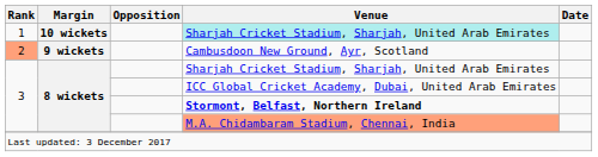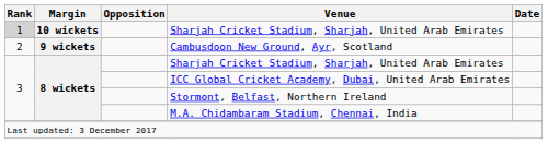 <table class="wikitable plainrowheaders sortable">
 <tr>
 <th scope=col>Rank</th>
 <th scope=col>Margin</th>
 <th scope=col>Opposition</th>
 <th scope=col>Venue</th>
 <th scope=col>Date</th>
 </tr>
 <tr>
-<td align=center>1</td>
+<td align=center style="background: lightgrey;">1</td>
 <th scope=row style=text-align:center>10 wickets</th>
 <td></td>
-<td style="background: paleturquoise;"><a href='#'>Sharjah Cricket Stadium</a>, <a href='#'>Sharjah</a>, United Arab Emirates</td>
+<td><a href='#'>Sharjah Cricket Stadium</a>, <a href='#'>Sharjah</a>, United Arab Emirates</td>
 <td></td>
 </tr>
 <tr>
-<td align=center style="background: lightsalmon;">2</td>
+<td align=center>2</td>
 <th scope=row style=text-align:center>9 wickets</th>
 <td></td>
 <td><a href='#'>Cambusdoon New Ground</a>, <a href='#'>Ayr</a>, Scotland</td>
 <td></td>
 </tr>
 <tr>
 <td align=center rowspan=4>3</td>
 <th scope=row style=text-align:center rowspan=4>8 wickets</th>
 <td></td>
 <td><a href='#'>Sharjah Cricket Stadium</a>, <a href='#'>Sharjah</a>, United Arab Emirates</td>
 <td></td>
 </tr>
 <tr>
 <td></td>
 <td><a href='#'>ICC Global Cricket Academy</a>, <a href='#'>Dubai</a>, United Arab Emirates</td>
 <td></td>
 </tr>
 <tr>
 <td></td>
-<td><strong><a href='#'>Stormont</a>, <a href='#'>Belfast</a>, Northern Ireland</strong></td>
+<td><a href='#'>Stormont</a>, <a href='#'>Belfast</a>, Northern Ireland</td>
 <td></td>
 </tr>
 <tr>
 <td></td>
-<td style="background: lightsalmon;"><a href='#'>M.A. Chidambaram Stadium</a>, <a href='#'>Chennai</a>, India</td>
+<td><a href='#'>M.A. Chidambaram Stadium</a>, <a href='#'>Chennai</a>, India</td>
 <td></td>
 </tr>
 <tr>
 </tr>
 <tr class=sortbottom>
 <td colspan=5><small>Last updated: 3 December 2017</small></td>
 </tr>
 </table>
